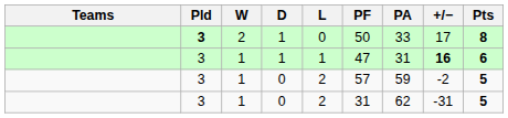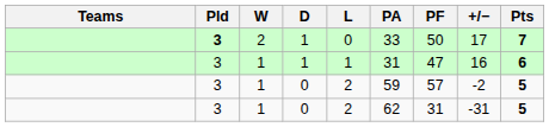 <table class="wikitable" style="text-align: center;">
 <tr>
 <th style="width:200px;">Teams</th>
 <th width="40">Pld</th>
 <th width="40">W</th>
 <th width="40">D</th>
 <th width="40">L</th>
+<th width="40">PA</th>
 <th width="40">PF</th>
-<th width="40">PA</th>
 <th width="40">+/−</th>
 <th width="40">Pts</th>
 </tr>
 <tr bgcolor=ccffcc>
 <td align=left><strong></strong></td>
 <td><strong>3</strong></td>
 <td>2</td>
 <td>1</td>
 <td>0</td>
+<td>33</td>
 <td>50</td>
-<td>33</td>
 <td>17</td>
-<td><strong>8</strong></td>
+<td><strong>7</strong></td>
 </tr>
 <tr bgcolor=ccffcc>
 <td align=left></td>
 <td>3</td>
 <td>1</td>
 <td>1</td>
 <td>1</td>
+<td>31</td>
 <td>47</td>
-<td>31</td>
-<td><strong>16</strong></td>
+<td>16</td>
 <td><strong>6</strong></td>
 </tr>
 <tr>
 <td align=left></td>
 <td>3</td>
 <td>1</td>
 <td>0</td>
 <td>2</td>
+<td>59</td>
 <td>57</td>
-<td>59</td>
 <td>-2</td>
 <td><strong>5</strong></td>
 </tr>
 <tr>
 <td align=left></td>
 <td>3</td>
 <td>1</td>
 <td>0</td>
 <td>2</td>
+<td>62</td>
 <td>31</td>
-<td>62</td>
 <td>-31</td>
 <td><strong>5</strong></td>
 </tr>
 </table>
